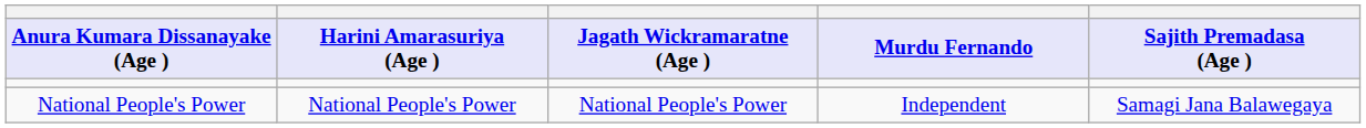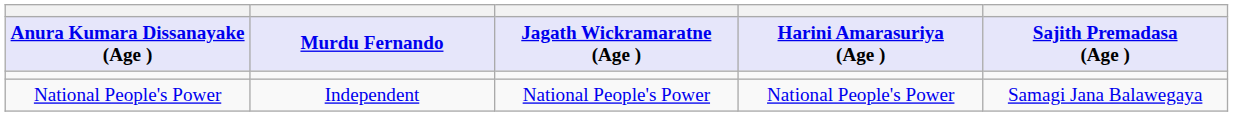 <table class=wikitable style="margin:1em auto; font-size:90%; text-align:center;">
 <tr>
 <th style="font-size:135%; width:175px; background:"><a href='#'></a></th>
 <th style="font-size:135%; width:175px; background:"><a href='#'></a></th>
 <th style="font-size:135%; width:175px; background:"><a href='#'></a></th>
 <th style="font-size:135%; width:175px; background:"><a href='#'></a></th>
 <th style="font-size:135%; width:175px; background:"><a href='#'></a></th>
 </tr>
 <tr>
 <th style="background:lavender;"><a href='#'>Anura Kumara Dissanayake</a><br>(Age )</th>
+<th style="background:lavender;"><a href='#'>Murdu Fernando</a><br></th>
+<th style="background:lavender;"><a href='#'>Jagath Wickramaratne</a><br>(Age )</th>
 <th style="background:lavender;"><a href='#'>Harini Amarasuriya</a><br>(Age )</th>
-<th style="background:lavender;"><a href='#'>Jagath Wickramaratne</a><br>(Age )</th>
-<th style="background:lavender;"><a href='#'>Murdu Fernando</a><br></th>
 <th style="background:lavender;"><a href='#'>Sajith Premadasa</a><br>(Age )</th>
 </tr>
 <tr>
 <td></td>
 <td></td>
 <td></td>
 <td></td>
 <td></td>
 </tr>
 <tr>
 <td><a href='#'>National People's Power</a><br></td>
+<td><a href='#'>Independent</a><br></td>
 <td><a href='#'>National People's Power</a><br></td>
 <td><a href='#'>National People's Power</a><br></td>
-<td><a href='#'>Independent</a><br></td>
 <td><a href='#'>Samagi Jana Balawegaya</a><br></td>
 </tr>
 </table>
